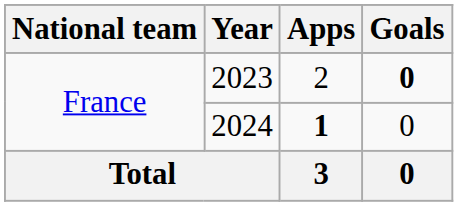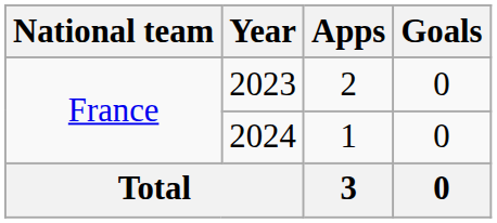 <table class="wikitable" style="text-align: center;">
 <tr>
 <th>National team</th>
 <th>Year</th>
 <th>Apps</th>
 <th>Goals</th>
 </tr>
 <tr>
 <td rowspan="2"><a href='#'>France</a></td>
 <td>2023</td>
 <td>2</td>
-<td><strong>0</strong></td>
+<td>0</td>
 </tr>
 <tr>
 <td>2024</td>
-<td><strong>1</strong></td>
+<td>1</td>
 <td>0</td>
 </tr>
 <tr>
 <th colspan="2">Total</th>
 <th>3</th>
 <th>0</th>
 </tr>
 </table>
